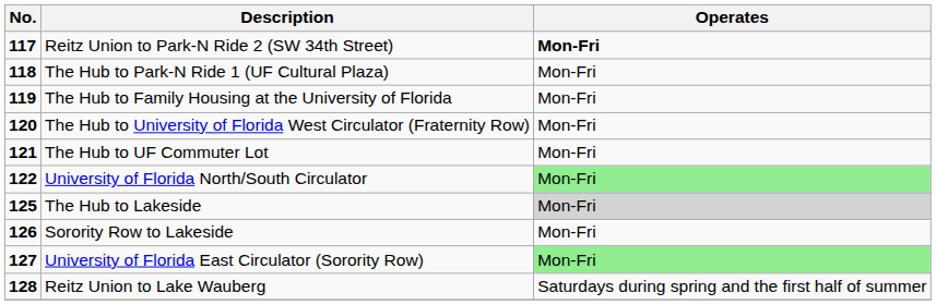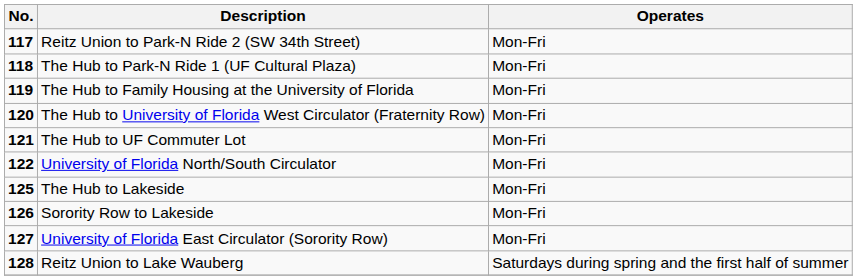 <table class="wikitable">
 <tr>
 <th>No.</th>
 <th>Description</th>
 <th>Operates</th>
 </tr>
 <tr>
 <td><strong>117</strong></td>
 <td>Reitz Union to Park-N Ride 2 (SW 34th Street)</td>
-<td><strong>Mon-Fri</strong></td>
+<td>Mon-Fri</td>
 </tr>
 <tr>
 <td><strong>118</strong></td>
 <td>The Hub to Park-N Ride 1 (UF Cultural Plaza)</td>
 <td>Mon-Fri</td>
 </tr>
 <tr>
 <td><strong>119</strong></td>
 <td>The Hub to Family Housing at the University of Florida</td>
 <td>Mon-Fri</td>
 </tr>
 <tr>
 <td><strong>120</strong></td>
 <td>The Hub to <a href='#'>University of Florida</a> West Circulator (Fraternity Row)</td>
 <td>Mon-Fri</td>
 </tr>
 <tr>
 <td><strong>121</strong></td>
 <td>The Hub to UF Commuter Lot</td>
 <td>Mon-Fri</td>
 </tr>
 <tr>
 <td><strong>122</strong></td>
 <td><a href='#'>University of Florida</a> North/South Circulator</td>
-<td style="background: lightgreen;">Mon-Fri</td>
+<td>Mon-Fri</td>
 </tr>
 <tr>
 <td><strong>125</strong></td>
 <td>The Hub to Lakeside</td>
-<td style="background: lightgrey;">Mon-Fri</td>
+<td>Mon-Fri</td>
 </tr>
 <tr>
 <td><strong>126</strong></td>
 <td>Sorority Row to Lakeside</td>
 <td>Mon-Fri</td>
 </tr>
 <tr>
 <td><strong>127</strong></td>
 <td><a href='#'>University of Florida</a> East Circulator (Sorority Row)</td>
-<td style="background: lightgreen;">Mon-Fri</td>
+<td>Mon-Fri</td>
 </tr>
 <tr>
 <td><strong>128</strong></td>
 <td>Reitz Union to Lake Wauberg</td>
 <td>Saturdays during spring and the first half of summer</td>
 </tr>
 <tr>
 </tr>
 </table>
